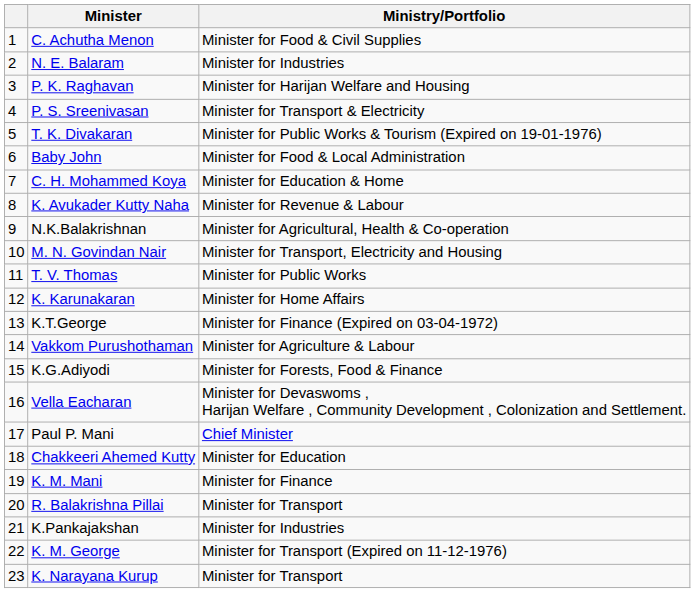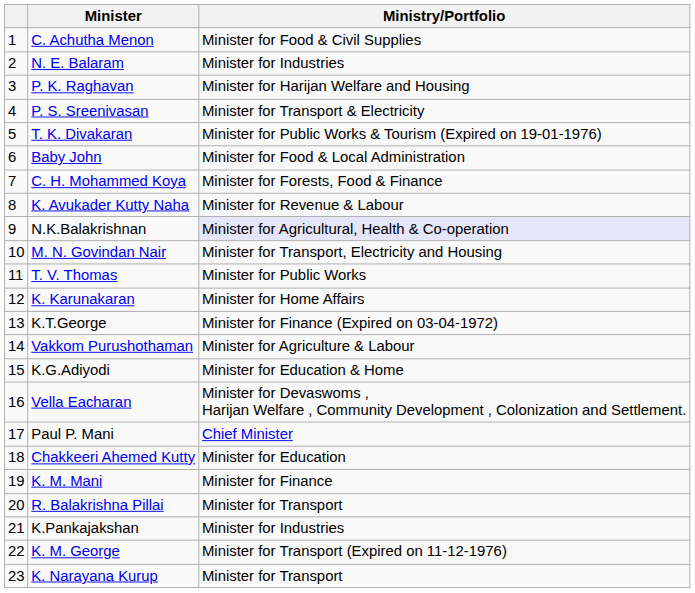 <table class="wikitable">
 <tr>
 <th></th>
 <th>Minister</th>
 <th>Ministry/Portfolio</th>
 </tr>
 <tr>
 <td>1</td>
 <td><a href='#'>C. Achutha Menon</a></td>
 <td>Minister for Food & Civil Supplies</td>
 </tr>
 <tr>
 <td>2</td>
 <td><a href='#'>N. E. Balaram</a></td>
 <td>Minister for Industries</td>
 </tr>
 <tr>
 <td>3</td>
 <td><a href='#'>P. K. Raghavan</a></td>
 <td>Minister for Harijan Welfare and Housing</td>
 </tr>
 <tr>
 <td>4</td>
 <td><a href='#'>P. S. Sreenivasan</a></td>
 <td>Minister for Transport & Electricity</td>
 </tr>
 <tr>
 <td>5</td>
 <td><a href='#'>T. K. Divakaran</a></td>
 <td>Minister for Public Works & Tourism (Expired on 19-01-1976)</td>
 </tr>
 <tr>
 <td>6</td>
 <td><a href='#'>Baby John</a></td>
 <td>Minister for Food & Local Administration</td>
 </tr>
 <tr>
 <td>7</td>
 <td><a href='#'>C. H. Mohammed Koya</a></td>
-<td>Minister for Education & Home</td>
+<td>Minister for Forests, Food & Finance</td>
 </tr>
 <tr>
 <td>8</td>
 <td><a href='#'>K. Avukader Kutty Naha</a></td>
 <td>Minister for Revenue & Labour</td>
 </tr>
 <tr>
 <td>9</td>
 <td>N.K.Balakrishnan</td>
-<td>Minister for Agricultural, Health & Co-operation</td>
+<td style="background: lavender;">Minister for Agricultural, Health & Co-operation</td>
 </tr>
 <tr>
 <td>10</td>
 <td><a href='#'>M. N. Govindan Nair</a></td>
 <td>Minister for Transport, Electricity and Housing</td>
 </tr>
 <tr>
 <td>11</td>
 <td><a href='#'>T. V. Thomas</a></td>
 <td>Minister for Public Works</td>
 </tr>
 <tr>
 <td>12</td>
 <td><a href='#'>K. Karunakaran</a></td>
 <td>Minister for Home Affairs</td>
 </tr>
 <tr>
 <td>13</td>
 <td>K.T.George</td>
 <td>Minister for Finance (Expired on 03-04-1972)</td>
 </tr>
 <tr>
 <td>14</td>
 <td><a href='#'>Vakkom Purushothaman</a></td>
 <td>Minister for Agriculture & Labour</td>
 </tr>
 <tr>
 <td>15</td>
 <td>K.G.Adiyodi</td>
-<td>Minister for Forests, Food & Finance</td>
+<td>Minister for Education & Home</td>
 </tr>
 <tr>
 <td>16</td>
 <td><a href='#'>Vella Eacharan</a></td>
 <td>Minister for Devaswoms ,<br>Harijan Welfare ,  Community Development , Colonization and Settlement.</td>
 </tr>
 <tr>
 <td>17</td>
 <td>Paul P. Mani</td>
 <td><a href='#'>Chief Minister</a></td>
 </tr>
 <tr>
 <td>18</td>
 <td><a href='#'>Chakkeeri Ahemed Kutty</a></td>
 <td>Minister for Education</td>
 </tr>
 <tr>
 <td>19</td>
 <td><a href='#'>K. M. Mani</a></td>
 <td>Minister for Finance</td>
 </tr>
 <tr>
 <td>20</td>
 <td><a href='#'>R. Balakrishna Pillai</a></td>
 <td>Minister for Transport</td>
 </tr>
 <tr>
 <td>21</td>
 <td>K.Pankajakshan</td>
 <td>Minister for Industries</td>
 </tr>
 <tr>
 <td>22</td>
 <td><a href='#'>K. M. George</a></td>
 <td>Minister for Transport (Expired on 11-12-1976)</td>
 </tr>
 <tr>
 <td>23</td>
 <td><a href='#'>K. Narayana Kurup</a></td>
 <td>Minister for Transport</td>
 </tr>
 </table>
